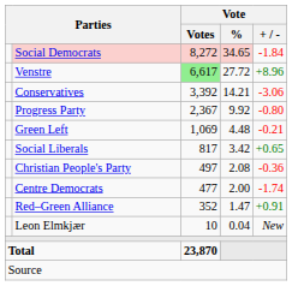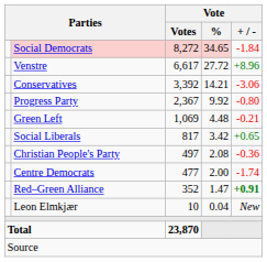 <table class="wikitable" style="text-align:right;">
 <tr>
 <th style="text-align:centre;" rowspan="2" colspan="2" width="225">Parties</th>
 <th colspan="3">Vote</th>
 </tr>
 <tr>
 <th width="15">Votes</th>
 <th width="15">%</th>
 <th width="15">+ / -</th>
 </tr>
 <tr>
 <td width="2" style="color:inherit;background:"></td>
 <td bgcolor=#fbd0ce  align="left"><a href='#'>Social Democrats</a></td>
 <td bgcolor=#fbd0ce>8,272</td>
 <td bgcolor=#fbd0ce>34.65</td>
 <td style=color:red;>-1.84</td>
 </tr>
 <tr>
 <td width="2" style="color:inherit;background:"></td>
 <td align="left"><a href='#'>Venstre</a></td>
-<td style="background: lightgreen;">6,617</td>
+<td>6,617</td>
 <td>27.72</td>
 <td style=color:green;>+8.96</td>
 </tr>
 <tr>
 <td width="2" style="color:inherit;background:"></td>
 <td align="left"><a href='#'>Conservatives</a></td>
 <td>3,392</td>
 <td>14.21</td>
 <td style=color:red;>-3.06</td>
 </tr>
 <tr>
 <td width="2" style="color:inherit;background:"></td>
 <td align="left"><a href='#'>Progress Party</a></td>
 <td>2,367</td>
 <td>9.92</td>
 <td style=color:red;>-0.80</td>
 </tr>
 <tr>
 <td width="2" style="color:inherit;background:"></td>
 <td align="left"><a href='#'>Green Left</a></td>
 <td>1,069</td>
 <td>4.48</td>
 <td style=color:red;>-0.21</td>
 </tr>
 <tr>
 <td width="2" style="color:inherit;background:"></td>
 <td align="left"><a href='#'>Social Liberals</a></td>
 <td>817</td>
 <td>3.42</td>
 <td style=color:green;>+0.65</td>
 </tr>
 <tr>
 <td width="2" style="color:inherit;background:"></td>
 <td align="left"><a href='#'>Christian People's Party</a></td>
 <td>497</td>
 <td>2.08</td>
 <td style=color:red;>-0.36</td>
 </tr>
 <tr>
 <td width="2" style="color:inherit;background:"></td>
 <td align="left"><a href='#'>Centre Democrats</a></td>
 <td>477</td>
 <td>2.00</td>
 <td style=color:red;>-1.74</td>
 </tr>
 <tr>
 <td width="2" style="color:inherit;background:"></td>
 <td align="left"><a href='#'>Red–Green Alliance</a></td>
 <td>352</td>
 <td>1.47</td>
-<td style=color:green;>+0.91</td>
+<td style=color:green;><strong>+0.91</strong></td>
 </tr>
 <tr>
 <td width="2" style="color:inherit;background:"></td>
 <td align="left">Leon Elmkjær</td>
 <td>10</td>
 <td>0.04</td>
 <td><em>New</em></td>
 </tr>
 <tr>
 <td colspan="7" bgcolor="#E9E9E9"></td>
 </tr>
 <tr>
 <td align="left" colspan="2"><strong>Total</strong></td>
 <td><strong>23,870</strong></td>
 <td bgcolor="#E9E9E9" colspan="2"></td>
 </tr>
 <tr>
 <td align="left" colspan="6">Source</td>
 </tr>
 </table>
